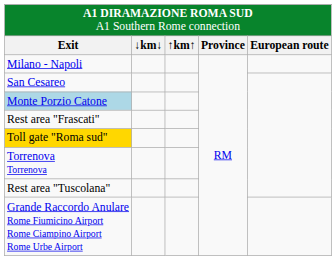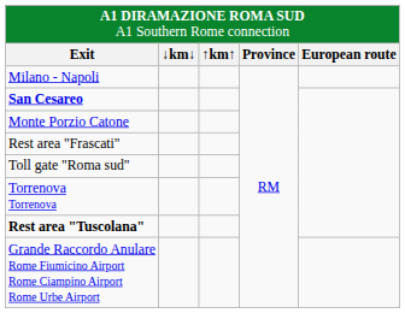 <table class="wikitable">
 <tr>
 </tr>
 <tr align="center" style="color: white;font-size:100%;" bgcolor="#08842c">
 <td colspan="6"> <strong>A1 DIRAMAZIONE ROMA SUD</strong><br>A1 Southern Rome connection</td>
 </tr>
 <tr>
 <th><strong>Exit</strong></th>
 <th align="center"><strong>↓km↓</strong></th>
 <th align="center"><strong>↑km↑</strong></th>
 <th align="center"><strong>Province</strong></th>
 <th align="center"><strong>European route</strong></th>
 </tr>
 <tr>
 <td>   <a href='#'>Milano - Napoli</a></td>
 <td align="right"></td>
 <td align="right"></td>
 <td align="center" rowspan=8><a href='#'>RM</a></td>
 <td align="center" rowspan=1></td>
 </tr>
 <tr>
-<td> <a href='#'>San Cesareo</a></td>
+<td><strong> <a href='#'>San Cesareo</a></strong></td>
 <td align="right"></td>
 <td align="right"></td>
 <td align="center" rowspan=6></td>
 </tr>
 <tr>
-<td style="background: lightblue;"> <a href='#'>Monte Porzio Catone</a></td>
+<td> <a href='#'>Monte Porzio Catone</a></td>
 <td align="right"></td>
 <td align="right"></td>
 </tr>
 <tr>
 <td> Rest area "Frascati"</td>
 <td align="right"></td>
 <td align="right"></td>
 </tr>
 <tr>
-<td style="background: gold;"> Toll gate "Roma sud"</td>
+<td> Toll gate "Roma sud"</td>
 <td align="right"></td>
 <td align="right"></td>
 </tr>
 <tr>
 <td> <a href='#'>Torrenova</a><br><small> <a href='#'>Torrenova</a></small></td>
 <td align="right"></td>
 <td align="right"></td>
 </tr>
 <tr>
-<td> Rest area "Tuscolana"</td>
+<td><strong> Rest area "Tuscolana"</strong></td>
 <td align="right"></td>
 <td align="right"></td>
 </tr>
 <tr>
 <td>   <a href='#'>Grande Raccordo Anulare</a><br><small> <a href='#'>Rome Fiumicino Airport</a><br> <a href='#'>Rome Ciampino Airport</a><br> <a href='#'>Rome Urbe Airport</a></small></td>
 <td align="right"></td>
 <td align="right"></td>
 <td align="center" rowspan=1></td>
 </tr>
 </table>
